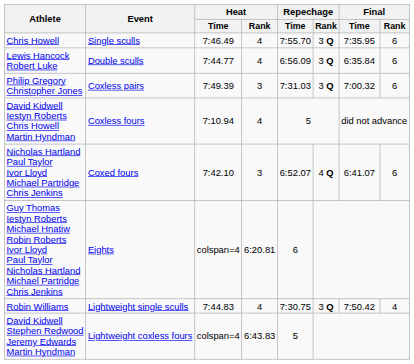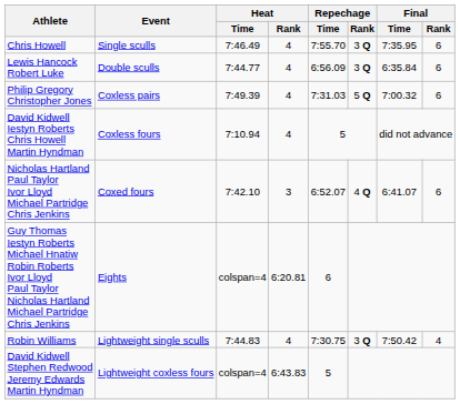 <table class="wikitable" style="font-size:90%">
 <tr>
 <th rowspan="2">Athlete</th>
 <th rowspan="2">Event</th>
 <th colspan="2">Heat</th>
 <th colspan="2">Repechage</th>
 <th colspan="2">Final</th>
 </tr>
 <tr style="font-size:95%">
 <th>Time</th>
 <th>Rank</th>
 <th>Time</th>
 <th>Rank</th>
 <th>Time</th>
 <th>Rank</th>
 </tr>
 <tr align=center>
 <td align=left><a href='#'>Chris Howell</a></td>
 <td align=left><a href='#'>Single sculls</a></td>
 <td>7:46.49</td>
 <td>4</td>
 <td>7:55.70</td>
 <td>3 <strong>Q</strong></td>
 <td>7:35.95</td>
 <td>6</td>
 </tr>
 <tr align=center>
 <td align=left><a href='#'>Lewis Hancock</a><br><a href='#'>Robert Luke</a></td>
 <td align=left><a href='#'>Double sculls</a></td>
 <td>7:44.77</td>
 <td>4</td>
 <td>6:56.09</td>
 <td>3 <strong>Q</strong></td>
 <td>6:35.84</td>
 <td>6</td>
 </tr>
 <tr align=center>
 <td align=left><a href='#'>Philip Gregory</a><br><a href='#'>Christopher Jones</a></td>
 <td align=left><a href='#'>Coxless pairs</a></td>
 <td>7:49.39</td>
-<td>3</td>
+<td>4</td>
 <td>7:31.03</td>
-<td>3 <strong>Q</strong></td>
+<td>5 <strong>Q</strong></td>
 <td>7:00.32</td>
 <td>6</td>
 </tr>
 <tr align=center>
 <td align=left><a href='#'>David Kidwell</a><br><a href='#'>Iestyn Roberts</a><br><a href='#'>Chris Howell</a><br><a href='#'>Martin Hyndman</a></td>
 <td align=left><a href='#'>Coxless fours</a></td>
 <td>7:10.94</td>
 <td>4</td>
 <td colspan=2>5</td>
 <td colspan=2>did not advance</td>
 </tr>
 <tr align=center>
 <td align=left><a href='#'>Nicholas Hartland</a><br><a href='#'>Paul Taylor</a><br><a href='#'>Ivor Lloyd</a><br><a href='#'>Michael Partridge</a><br><a href='#'>Chris Jenkins</a></td>
 <td align=left><a href='#'>Coxed fours</a></td>
 <td>7:42.10</td>
 <td>3</td>
 <td>6:52.07</td>
 <td>4 <strong>Q</strong></td>
 <td>6:41.07</td>
 <td>6</td>
 </tr>
 <tr align=center>
 <td align=left><a href='#'>Guy Thomas</a><br><a href='#'>Iestyn Roberts</a><br><a href='#'>Michael Hnatiw</a><br><a href='#'>Robin Roberts</a><br><a href='#'>Ivor Lloyd</a><br><a href='#'>Paul Taylor</a><br><a href='#'>Nicholas Hartland</a><br><a href='#'>Michael Partridge</a><br><a href='#'>Chris Jenkins</a></td>
 <td align=left><a href='#'>Eights</a></td>
 <td>colspan=4 </td>
 <td>6:20.81</td>
 <td>6</td>
 </tr>
 <tr align=center>
 <td align=left><a href='#'>Robin Williams</a></td>
 <td align=left><a href='#'>Lightweight single sculls</a></td>
 <td>7:44.83</td>
 <td>4</td>
 <td>7:30.75</td>
 <td>3 <strong>Q</strong></td>
 <td>7:50.42</td>
 <td>4</td>
 </tr>
 <tr align=center>
 <td align=left><a href='#'>David Kidwell</a><br><a href='#'>Stephen Redwood</a><br><a href='#'>Jeremy Edwards</a><br><a href='#'>Martin Hyndman</a></td>
 <td align=left><a href='#'>Lightweight coxless fours</a></td>
 <td>colspan=4 </td>
 <td>6:43.83</td>
 <td>5</td>
 </tr>
 </table>
